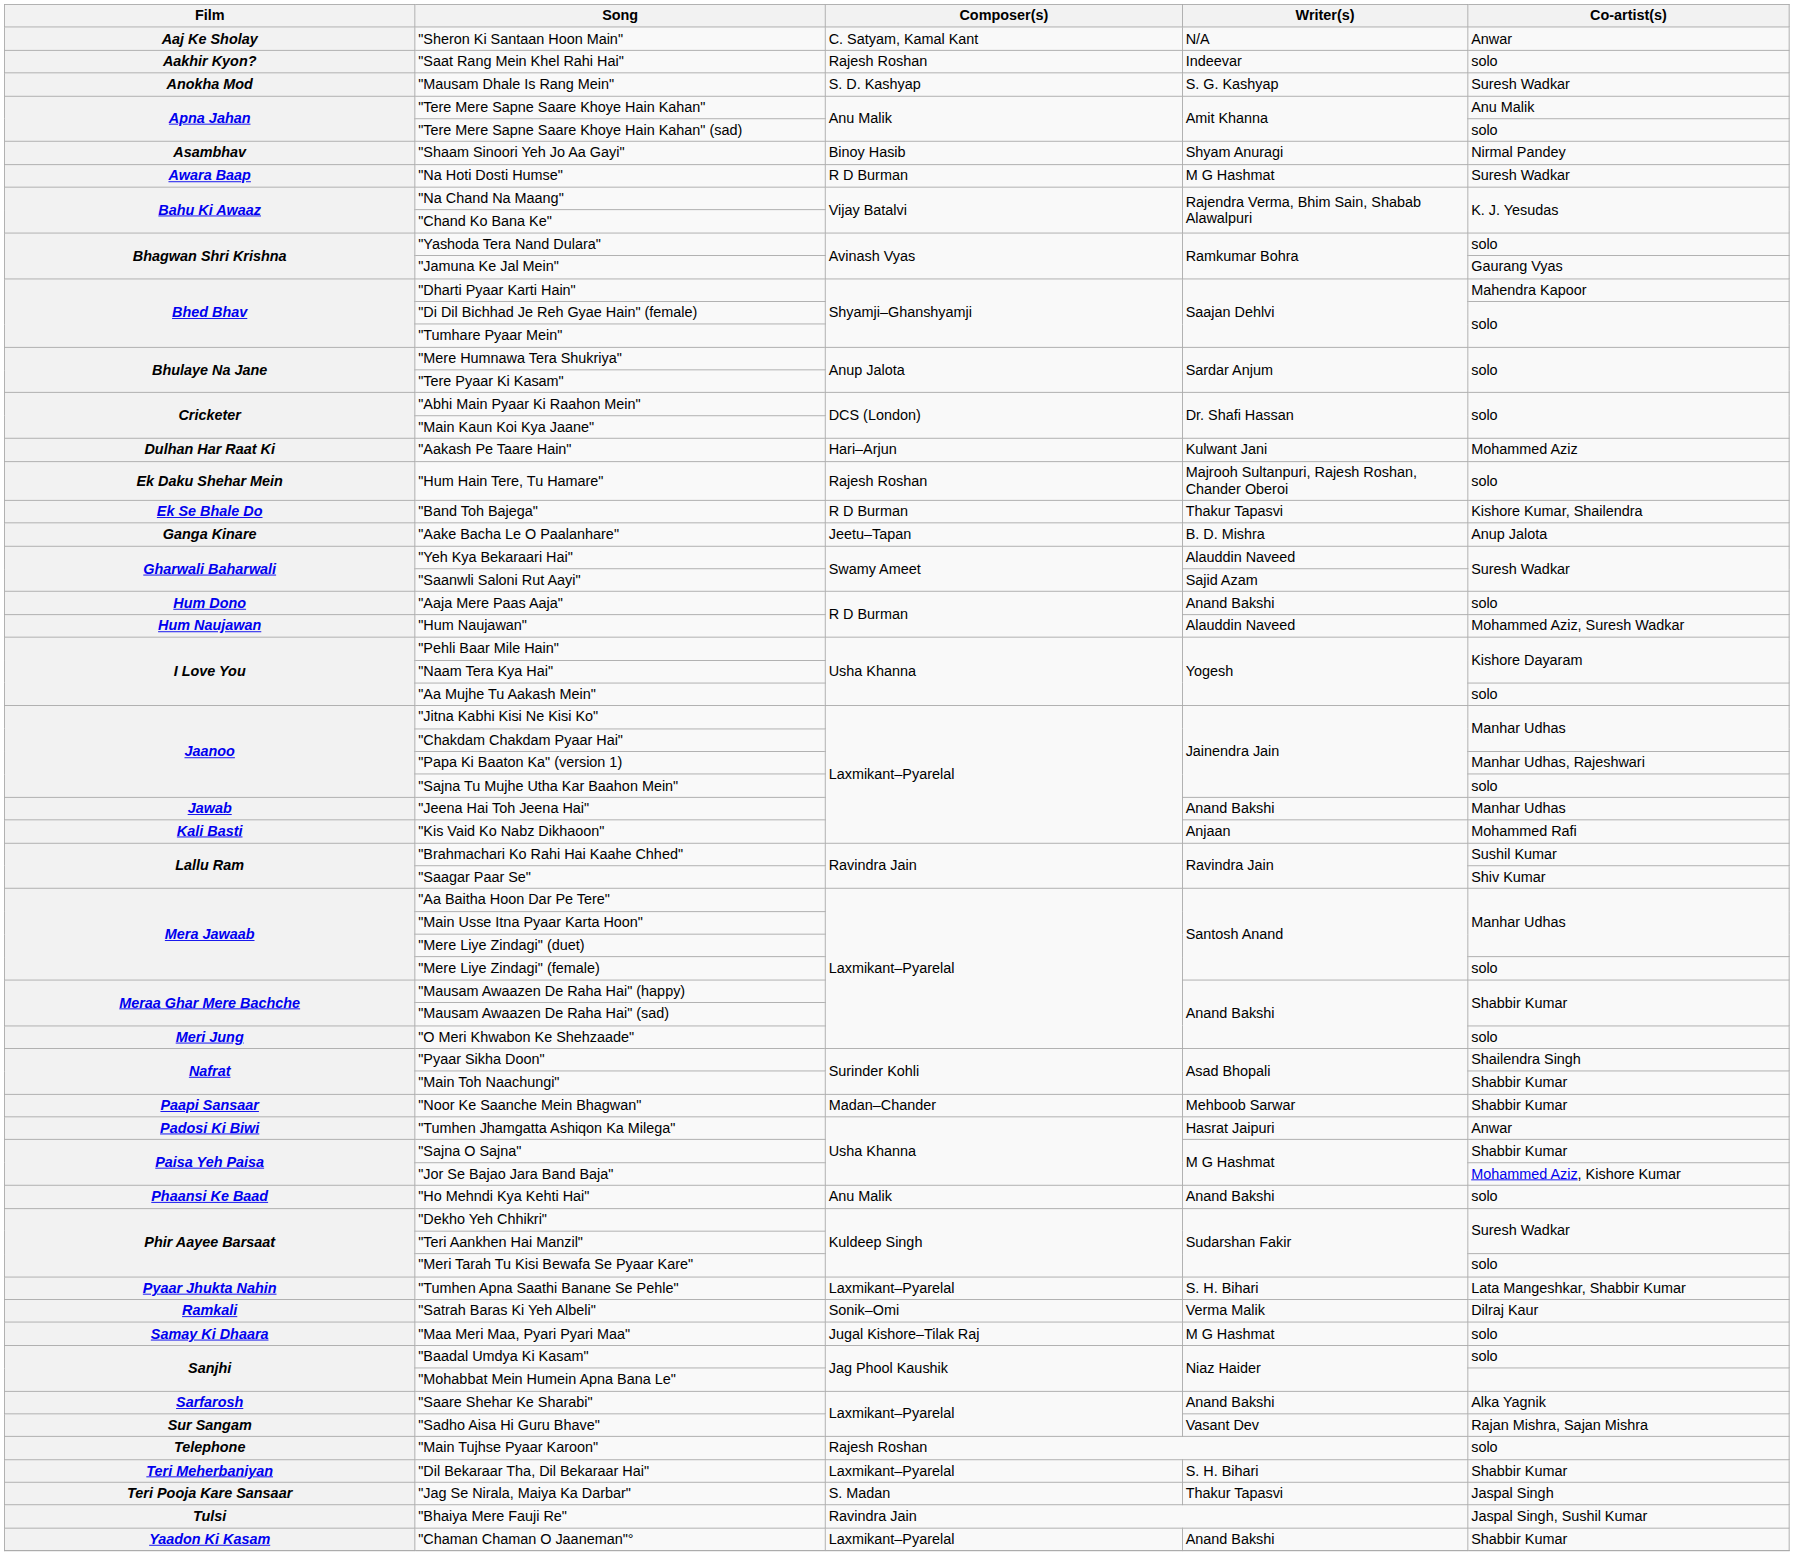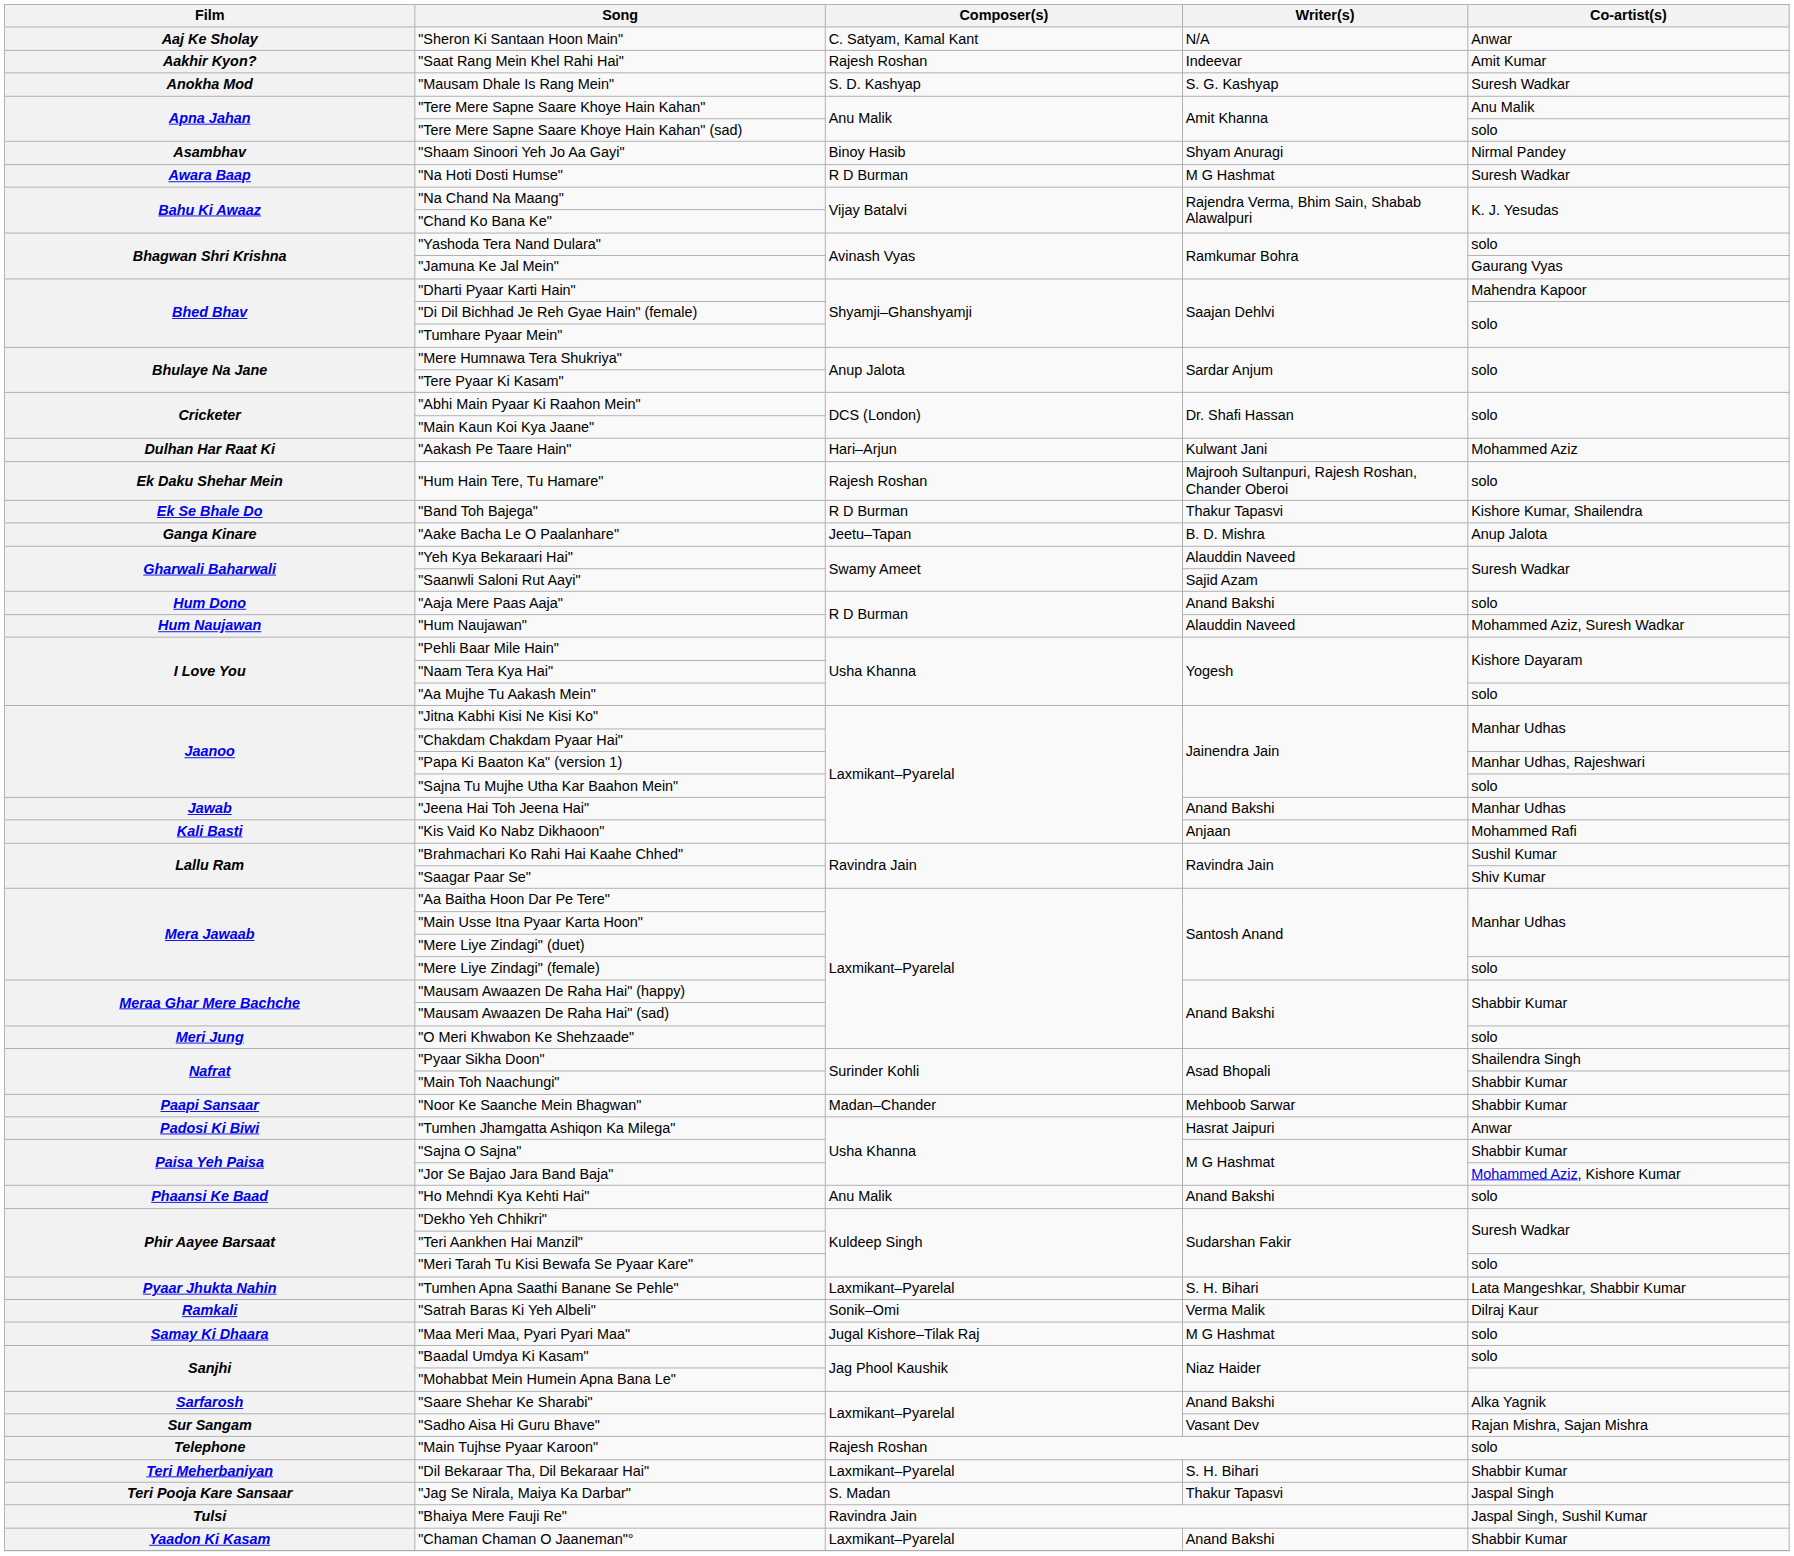 <table class="wikitable plainrowheaders" style="width:100%; textcolor:#000">
 <tr style="background:#b0e0e66;">
 <th scope="col" style="width:23%;"><strong>Film</strong></th>
 <th scope="col" style="width:23%;"><strong>Song</strong></th>
 <th scope="col" style="width:20%;"><strong>Composer(s)</strong></th>
 <th scope="col" style="width:16%;"><strong>Writer(s)</strong></th>
 <th scope="col" style="width:18%;"><strong>Co-artist(s)</strong></th>
 </tr>
 <tr>
 <th><em>Aaj Ke Sholay</em></th>
 <td>"Sheron Ki Santaan Hoon Main"</td>
 <td>C. Satyam, Kamal Kant</td>
 <td>N/A</td>
 <td>Anwar</td>
 </tr>
 <tr>
 <th><em>Aakhir Kyon?</em></th>
 <td>"Saat Rang Mein Khel Rahi Hai"</td>
 <td>Rajesh Roshan</td>
 <td>Indeevar</td>
-<td>solo</td>
+<td>Amit Kumar</td>
 </tr>
 <tr>
 <th><em>Anokha Mod</em></th>
 <td>"Mausam Dhale Is Rang Mein"</td>
 <td>S. D. Kashyap</td>
 <td>S. G. Kashyap</td>
 <td>Suresh Wadkar</td>
 </tr>
 <tr>
 <th Rowspan=2><em><a href='#'>Apna Jahan</a></em></th>
 <td>"Tere Mere Sapne Saare Khoye Hain Kahan"</td>
 <td rowspan=2>Anu Malik</td>
 <td rowspan=2>Amit Khanna</td>
 <td>Anu Malik</td>
 </tr>
 <tr>
 <td>"Tere Mere Sapne Saare Khoye Hain Kahan" (sad)</td>
 <td>solo</td>
 </tr>
 <tr>
 <th><em>Asambhav</em></th>
 <td>"Shaam Sinoori Yeh Jo Aa Gayi"</td>
 <td>Binoy Hasib</td>
 <td>Shyam Anuragi</td>
 <td>Nirmal Pandey</td>
 </tr>
 <tr>
 <th><em><a href='#'>Awara Baap</a></em></th>
 <td>"Na Hoti Dosti Humse"</td>
 <td>R D Burman</td>
 <td>M G Hashmat</td>
 <td>Suresh Wadkar</td>
 </tr>
 <tr>
 <th Rowspan=2><em><a href='#'>Bahu Ki Awaaz</a></em></th>
 <td>"Na Chand Na Maang"</td>
 <td rowspan=2>Vijay Batalvi</td>
 <td rowspan=2>Rajendra Verma, Bhim Sain, Shabab Alawalpuri</td>
 <td rowspan=2>K. J. Yesudas</td>
 </tr>
 <tr>
 <td>"Chand Ko Bana Ke"</td>
 </tr>
 <tr>
 <th rowspan=2><em>Bhagwan Shri Krishna</em></th>
 <td>"Yashoda Tera Nand Dulara"</td>
 <td rowspan=2>Avinash Vyas</td>
 <td rowspan=2>Ramkumar Bohra</td>
 <td>solo</td>
 </tr>
 <tr>
 <td>"Jamuna Ke Jal Mein"</td>
 <td>Gaurang Vyas</td>
 </tr>
 <tr>
 <th Rowspan=3><em><a href='#'>Bhed Bhav</a></em></th>
 <td>"Dharti Pyaar Karti Hain"</td>
 <td rowspan=3>Shyamji–Ghanshyamji</td>
 <td Rowspan=3>Saajan Dehlvi</td>
 <td>Mahendra Kapoor</td>
 </tr>
 <tr>
 <td>"Di Dil Bichhad Je Reh Gyae Hain" (female)</td>
 <td Rowspan=2>solo</td>
 </tr>
 <tr>
 <td>"Tumhare Pyaar Mein"</td>
 </tr>
 <tr>
 <th rowspan=2><em>Bhulaye Na Jane</em></th>
 <td>"Mere Humnawa Tera Shukriya"</td>
 <td rowspan=2>Anup Jalota</td>
 <td rowspan=2>Sardar Anjum</td>
 <td rowspan=2>solo</td>
 </tr>
 <tr>
 <td>"Tere Pyaar Ki Kasam"</td>
 </tr>
 <tr>
 <th Rowspan=2><em>Cricketer</em></th>
 <td>"Abhi Main Pyaar Ki Raahon Mein"</td>
 <td rowspan=2>DCS (London)</td>
 <td rowspan=2>Dr. Shafi Hassan</td>
 <td rowspan=2>solo</td>
 </tr>
 <tr>
 <td>"Main Kaun Koi Kya Jaane"</td>
 </tr>
 <tr>
 <th><em>Dulhan Har Raat Ki</em></th>
 <td>"Aakash Pe Taare Hain"</td>
 <td>Hari–Arjun</td>
 <td>Kulwant Jani</td>
 <td>Mohammed Aziz</td>
 </tr>
 <tr>
 <th><em>Ek Daku Shehar Mein</em></th>
 <td>"Hum Hain Tere, Tu Hamare"</td>
 <td>Rajesh Roshan</td>
 <td>Majrooh Sultanpuri, Rajesh Roshan, Chander Oberoi</td>
 <td>solo</td>
 </tr>
 <tr>
 <th><em><a href='#'>Ek Se Bhale Do</a></em></th>
 <td>"Band Toh Bajega"</td>
 <td>R D Burman</td>
 <td>Thakur Tapasvi</td>
 <td>Kishore Kumar, Shailendra</td>
 </tr>
 <tr>
 <th><em>Ganga Kinare</em></th>
 <td>"Aake Bacha Le O Paalanhare"</td>
 <td>Jeetu–Tapan</td>
 <td>B. D. Mishra</td>
 <td>Anup Jalota</td>
 </tr>
 <tr>
 <th Rowspan=2><em><a href='#'>Gharwali Baharwali</a></em></th>
 <td>"Yeh Kya Bekaraari Hai"</td>
 <td rowspan=2>Swamy Ameet</td>
 <td>Alauddin Naveed</td>
 <td rowspan=2>Suresh Wadkar</td>
 </tr>
 <tr>
 <td>"Saanwli Saloni Rut Aayi"</td>
 <td>Sajid Azam</td>
 </tr>
 <tr>
 <th><em><a href='#'>Hum Dono</a></em></th>
 <td>"Aaja Mere Paas Aaja"</td>
 <td rowspan=2>R D Burman</td>
 <td>Anand Bakshi</td>
 <td>solo</td>
 </tr>
 <tr>
 <th><em><a href='#'>Hum Naujawan</a></em></th>
 <td>"Hum Naujawan"</td>
 <td>Alauddin Naveed</td>
 <td>Mohammed Aziz, Suresh Wadkar</td>
 </tr>
 <tr>
 <th Rowspan=3><em>I Love You</em></th>
 <td>"Pehli Baar Mile Hain"</td>
 <td rowspan=3>Usha Khanna</td>
 <td rowspan=3>Yogesh</td>
 <td Rowspan=2>Kishore Dayaram</td>
 </tr>
 <tr>
 <td>"Naam Tera Kya Hai"</td>
 </tr>
 <tr>
 <td>"Aa Mujhe Tu Aakash Mein"</td>
 <td>solo</td>
 </tr>
 <tr>
 <th Rowspan=4><em><a href='#'>Jaanoo</a></em></th>
 <td>"Jitna Kabhi Kisi Ne Kisi Ko"</td>
 <td rowspan=6>Laxmikant–Pyarelal</td>
 <td rowspan=4>Jainendra Jain</td>
 <td rowspan=2>Manhar Udhas</td>
 </tr>
 <tr>
 <td>"Chakdam Chakdam Pyaar Hai"</td>
 </tr>
 <tr>
 <td>"Papa Ki Baaton Ka" (version 1)</td>
 <td>Manhar Udhas, Rajeshwari</td>
 </tr>
 <tr>
 <td>"Sajna Tu Mujhe Utha Kar Baahon Mein"</td>
 <td>solo</td>
 </tr>
 <tr>
 <th><em><a href='#'>Jawab</a></em></th>
 <td>"Jeena Hai Toh Jeena Hai"</td>
 <td>Anand Bakshi</td>
 <td>Manhar Udhas</td>
 </tr>
 <tr>
 <th><em><a href='#'>Kali Basti</a></em></th>
 <td>"Kis Vaid Ko Nabz Dikhaoon"</td>
 <td>Anjaan</td>
 <td>Mohammed Rafi</td>
 </tr>
 <tr>
 <th rowspan=2><em>Lallu Ram</em></th>
 <td>"Brahmachari Ko Rahi Hai Kaahe Chhed"</td>
 <td rowspan=2>Ravindra Jain</td>
 <td rowspan=2>Ravindra Jain</td>
 <td>Sushil Kumar</td>
 </tr>
 <tr>
 <td>"Saagar Paar Se"</td>
 <td>Shiv Kumar</td>
 </tr>
 <tr>
 <th Rowspan=4><em><a href='#'>Mera Jawaab</a></em></th>
 <td>"Aa Baitha Hoon Dar Pe Tere"</td>
 <td rowspan=7>Laxmikant–Pyarelal</td>
 <td Rowspan=4>Santosh Anand</td>
 <td rowspan=3>Manhar Udhas</td>
 </tr>
 <tr>
 <td>"Main Usse Itna Pyaar Karta Hoon"</td>
 </tr>
 <tr>
 <td>"Mere Liye Zindagi" (duet)</td>
 </tr>
 <tr>
 <td>"Mere Liye Zindagi" (female)</td>
 <td>solo</td>
 </tr>
 <tr>
 <th Rowspan=2><em><a href='#'>Meraa Ghar Mere Bachche</a></em></th>
 <td>"Mausam Awaazen De Raha Hai" (happy)</td>
 <td Rowspan=3>Anand Bakshi</td>
 <td rowspan=2>Shabbir Kumar</td>
 </tr>
 <tr>
 <td>"Mausam Awaazen De Raha Hai" (sad)</td>
 </tr>
 <tr>
 <th><em><a href='#'>Meri Jung</a></em></th>
 <td>"O Meri Khwabon Ke Shehzaade"</td>
 <td>solo</td>
 </tr>
 <tr>
 <th Rowspan=2><em><a href='#'>Nafrat</a></em></th>
 <td>"Pyaar Sikha Doon"</td>
 <td Rowspan=2>Surinder Kohli</td>
 <td Rowspan=2>Asad Bhopali</td>
 <td>Shailendra Singh</td>
 </tr>
 <tr>
 <td>"Main Toh Naachungi"</td>
 <td>Shabbir Kumar</td>
 </tr>
 <tr>
 <th><em><a href='#'>Paapi Sansaar</a></em></th>
 <td>"Noor Ke Saanche Mein Bhagwan"</td>
 <td>Madan–Chander</td>
 <td>Mehboob Sarwar</td>
 <td>Shabbir Kumar</td>
 </tr>
 <tr>
 <th><em><a href='#'>Padosi Ki Biwi</a></em></th>
 <td>"Tumhen Jhamgatta Ashiqon Ka Milega"</td>
 <td rowspan=3>Usha Khanna</td>
 <td>Hasrat Jaipuri</td>
 <td>Anwar</td>
 </tr>
 <tr>
 <th Rowspan=2><em><a href='#'>Paisa Yeh Paisa</a></em></th>
 <td>"Sajna O Sajna"</td>
 <td Rowspan=2>M G Hashmat</td>
 <td>Shabbir Kumar</td>
 </tr>
 <tr>
 <td>"Jor Se Bajao Jara Band Baja"</td>
 <td><a href='#'>Mohammed Aziz</a>, Kishore Kumar</td>
 </tr>
 <tr>
 <th><em><a href='#'>Phaansi Ke Baad</a></em></th>
 <td>"Ho Mehndi Kya Kehti Hai"</td>
 <td>Anu Malik</td>
 <td>Anand Bakshi</td>
 <td>solo</td>
 </tr>
 <tr>
 <th Rowspan=3><em>Phir Aayee Barsaat</em></th>
 <td>"Dekho Yeh Chhikri"</td>
 <td rowspan=3>Kuldeep Singh</td>
 <td rowspan=3>Sudarshan Fakir</td>
 <td Rowspan=2>Suresh Wadkar</td>
 </tr>
 <tr>
 <td>"Teri Aankhen Hai Manzil"</td>
 </tr>
 <tr>
 <td>"Meri Tarah Tu Kisi Bewafa Se Pyaar Kare"</td>
 <td>solo</td>
 </tr>
 <tr>
 <th><em><a href='#'>Pyaar Jhukta Nahin</a></em></th>
 <td>"Tumhen Apna Saathi Banane Se Pehle"</td>
 <td>Laxmikant–Pyarelal</td>
 <td>S. H. Bihari</td>
 <td>Lata Mangeshkar, Shabbir Kumar</td>
 </tr>
 <tr>
 <th><em><a href='#'>Ramkali</a></em></th>
 <td>"Satrah Baras Ki Yeh Albeli"</td>
 <td>Sonik–Omi</td>
 <td>Verma Malik</td>
 <td>Dilraj Kaur</td>
 </tr>
 <tr>
 <th><em><a href='#'>Samay Ki Dhaara</a></em></th>
 <td>"Maa Meri Maa, Pyari Pyari Maa"</td>
 <td>Jugal Kishore–Tilak Raj</td>
 <td>M G Hashmat</td>
 <td>solo</td>
 </tr>
 <tr>
 <th Rowspan=2><em>Sanjhi</em></th>
 <td>"Baadal Umdya Ki Kasam"</td>
 <td rowspan=2>Jag Phool Kaushik</td>
 <td rowspan=2>Niaz Haider</td>
 <td>solo</td>
 </tr>
 <tr>
 <td>"Mohabbat Mein Humein Apna Bana Le"</td>
 </tr>
 <tr>
 <th><em><a href='#'>Sarfarosh</a></em></th>
 <td>"Saare Shehar Ke Sharabi"</td>
 <td rowspan=2>Laxmikant–Pyarelal</td>
 <td>Anand Bakshi</td>
 <td>Alka Yagnik</td>
 </tr>
 <tr>
 <th><em>Sur Sangam</em></th>
 <td>"Sadho Aisa Hi Guru Bhave"</td>
 <td>Vasant Dev</td>
 <td>Rajan Mishra, Sajan Mishra</td>
 </tr>
 <tr>
 <th><em>Telephone</em></th>
 <td>"Main Tujhse Pyaar Karoon"</td>
 <td colspan=2>Rajesh Roshan</td>
 <td>solo</td>
 </tr>
 <tr>
 <th><em><a href='#'>Teri Meherbaniyan</a></em></th>
 <td>"Dil Bekaraar Tha, Dil Bekaraar Hai"</td>
 <td>Laxmikant–Pyarelal</td>
 <td>S. H. Bihari</td>
 <td>Shabbir Kumar</td>
 </tr>
 <tr>
 <th><em>Teri Pooja Kare Sansaar</em></th>
 <td>"Jag Se Nirala, Maiya Ka Darbar"</td>
 <td>S. Madan</td>
 <td>Thakur Tapasvi</td>
 <td>Jaspal Singh</td>
 </tr>
 <tr>
 <th><em>Tulsi</em></th>
 <td>"Bhaiya Mere Fauji Re"</td>
 <td colspan=2>Ravindra Jain</td>
 <td>Jaspal Singh, Sushil Kumar</td>
 </tr>
 <tr>
 <th><em><a href='#'>Yaadon Ki Kasam</a></em></th>
 <td>"Chaman Chaman O Jaaneman"°</td>
 <td>Laxmikant–Pyarelal</td>
 <td>Anand Bakshi</td>
 <td>Shabbir Kumar</td>
 </tr>
 <tr>
 </tr>
 </table>
